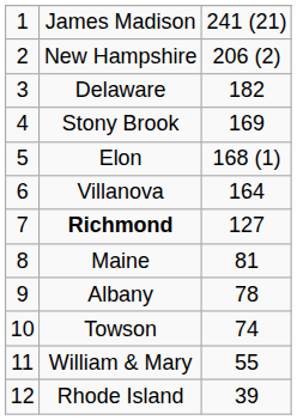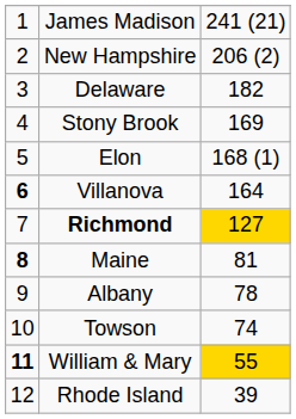 <table class="wikitable">
 <tr align="center">
 </tr>
 <tr align="center">
 <td>1</td>
 <td>James Madison</td>
 <td>241 (21)</td>
 </tr>
 <tr align="center">
 <td>2</td>
 <td>New Hampshire</td>
 <td>206 (2)</td>
 </tr>
 <tr align="center">
 <td>3</td>
 <td>Delaware</td>
 <td>182</td>
 </tr>
 <tr align="center">
 <td>4</td>
 <td>Stony Brook</td>
 <td>169</td>
 </tr>
 <tr align="center">
 <td>5</td>
 <td>Elon</td>
 <td>168 (1)</td>
 </tr>
 <tr align="center">
-<td>6</td>
+<td><strong>6</strong></td>
 <td>Villanova</td>
 <td>164</td>
 </tr>
 <tr align="center">
 <td>7</td>
 <td><strong>Richmond</strong></td>
-<td>127</td>
+<td style="background: gold;">127</td>
 </tr>
 <tr align="center">
-<td>8</td>
+<td><strong>8</strong></td>
 <td>Maine</td>
 <td>81</td>
 </tr>
 <tr align="center">
 <td>9</td>
 <td>Albany</td>
 <td>78</td>
 </tr>
 <tr align="center">
 <td>10</td>
 <td>Towson</td>
 <td>74</td>
 </tr>
 <tr align="center">
-<td>11</td>
+<td><strong>11</strong></td>
 <td>William & Mary</td>
-<td>55</td>
+<td style="background: gold;">55</td>
 </tr>
 <tr align="center">
 <td>12</td>
 <td>Rhode Island</td>
 <td>39</td>
 </tr>
 </table>
